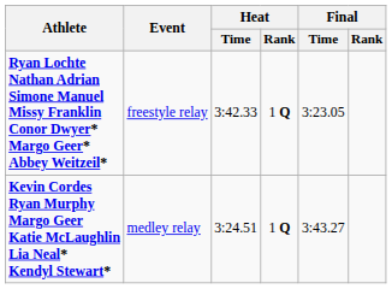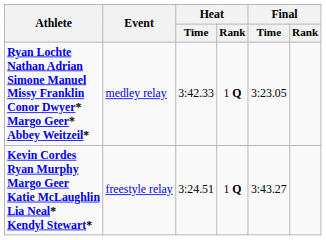 <table class=wikitable style="font-size:90%">
 <tr>
 <th rowspan="2">Athlete</th>
 <th rowspan="2">Event</th>
 <th colspan="2">Heat</th>
 <th colspan="2">Final</th>
 </tr>
 <tr style="font-size:95%">
 <th>Time</th>
 <th>Rank</th>
 <th>Time</th>
 <th>Rank</th>
 </tr>
 <tr align=center>
 <td align=left><strong><a href='#'>Ryan Lochte</a><br><a href='#'>Nathan Adrian</a><br><a href='#'>Simone Manuel</a><br><a href='#'>Missy Franklin</a><br><a href='#'>Conor Dwyer</a>*<br><a href='#'>Margo Geer</a>*<br><a href='#'>Abbey Weitzeil</a>*</strong></td>
-<td align=left><a href='#'> freestyle relay</a></td>
+<td align=left><a href='#'> medley relay</a></td>
 <td>3:42.33 </td>
 <td>1 <strong>Q</strong></td>
 <td>3:23.05 </td>
 <td></td>
 </tr>
 <tr align=center>
 <td align=left><strong><a href='#'>Kevin Cordes</a><br><a href='#'>Ryan Murphy</a><br><a href='#'>Margo Geer</a><br><a href='#'>Katie McLaughlin</a><br><a href='#'>Lia Neal</a>*<br><a href='#'>Kendyl Stewart</a>*</strong></td>
-<td align=left><a href='#'> medley relay</a></td>
+<td align=left><a href='#'> freestyle relay</a></td>
 <td>3:24.51</td>
 <td>1 <strong>Q</strong></td>
 <td>3:43.27</td>
 <td></td>
 </tr>
 </table>
